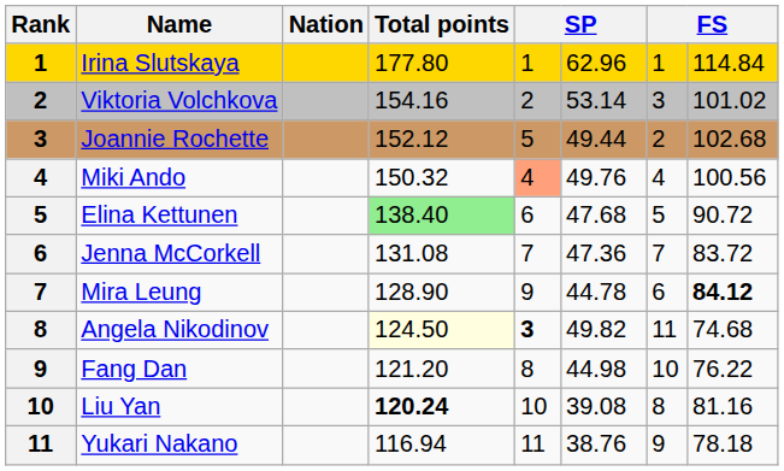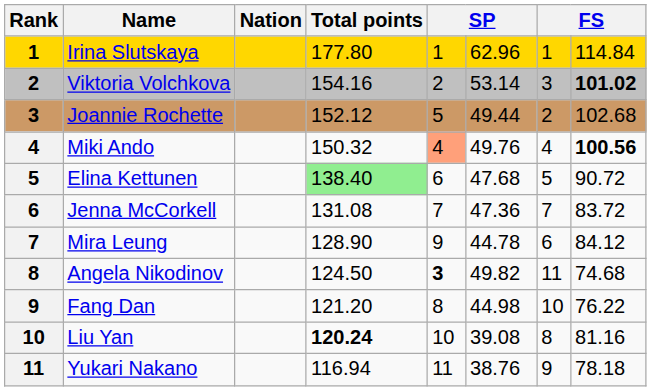 <table class="wikitable">
 <tr>
 <th>Rank</th>
 <th>Name</th>
 <th>Nation</th>
 <th>Total points</th>
 <th colspan="2" width="80px"><a href='#'>SP</a></th>
 <th colspan="2" width="80px"><a href='#'>FS</a></th>
 </tr>
 <tr bgcolor="gold">
 <td align="center"><strong>1</strong></td>
 <td><a href='#'>Irina Slutskaya</a></td>
 <td></td>
 <td>177.80</td>
 <td>1</td>
 <td>62.96</td>
 <td>1</td>
 <td>114.84</td>
 </tr>
 <tr bgcolor="silver">
 <td align="center"><strong>2</strong></td>
 <td><a href='#'>Viktoria Volchkova</a></td>
 <td></td>
 <td>154.16</td>
 <td>2</td>
 <td>53.14</td>
 <td>3</td>
-<td>101.02</td>
+<td><strong>101.02</strong></td>
 </tr>
 <tr bgcolor="cc9966">
 <td align="center"><strong>3</strong></td>
 <td><a href='#'>Joannie Rochette</a></td>
 <td></td>
 <td>152.12</td>
 <td>5</td>
 <td>49.44</td>
 <td>2</td>
 <td>102.68</td>
 </tr>
 <tr>
 <th>4</th>
 <td><a href='#'>Miki Ando</a></td>
 <td></td>
 <td>150.32</td>
 <td style="background: lightsalmon;">4</td>
 <td>49.76</td>
 <td>4</td>
-<td>100.56</td>
+<td><strong>100.56</strong></td>
 </tr>
 <tr>
 <th>5</th>
 <td><a href='#'>Elina Kettunen</a></td>
 <td></td>
 <td style="background: lightgreen;">138.40</td>
 <td>6</td>
 <td>47.68</td>
 <td>5</td>
 <td>90.72</td>
 </tr>
 <tr>
 <th>6</th>
 <td><a href='#'>Jenna McCorkell</a></td>
 <td></td>
 <td>131.08</td>
 <td>7</td>
 <td>47.36</td>
 <td>7</td>
 <td>83.72</td>
 </tr>
 <tr>
 <th>7</th>
 <td><a href='#'>Mira Leung</a></td>
 <td></td>
 <td>128.90</td>
 <td>9</td>
 <td>44.78</td>
 <td>6</td>
-<td><strong>84.12</strong></td>
+<td>84.12</td>
 </tr>
 <tr>
 <th>8</th>
 <td><a href='#'>Angela Nikodinov</a></td>
 <td></td>
-<td style="background: lightyellow;">124.50</td>
+<td>124.50</td>
 <td><strong>3</strong></td>
 <td>49.82</td>
 <td>11</td>
 <td>74.68</td>
 </tr>
 <tr>
 <th>9</th>
 <td><a href='#'>Fang Dan</a></td>
 <td></td>
 <td>121.20</td>
 <td>8</td>
 <td>44.98</td>
 <td>10</td>
 <td>76.22</td>
 </tr>
 <tr>
 <th>10</th>
 <td><a href='#'>Liu Yan</a></td>
 <td></td>
 <td><strong>120.24</strong></td>
 <td>10</td>
 <td>39.08</td>
 <td>8</td>
 <td>81.16</td>
 </tr>
 <tr>
 <th>11</th>
 <td><a href='#'>Yukari Nakano</a></td>
 <td></td>
 <td>116.94</td>
 <td>11</td>
 <td>38.76</td>
 <td>9</td>
 <td>78.18</td>
 </tr>
 </table>
